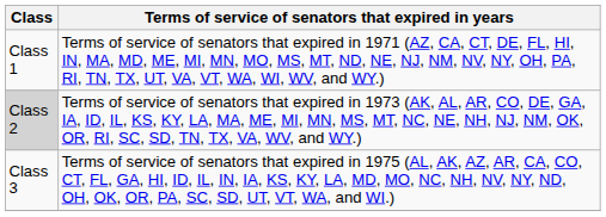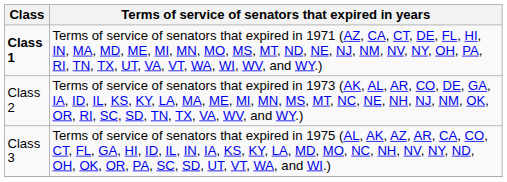 <table class="wikitable sortable">
 <tr valign=bottom>
 <th>Class</th>
 <th>Terms of service of senators that expired in years</th>
 </tr>
 <tr>
-<td>Class 1</td>
+<td><strong>Class 1</strong></td>
 <td>Terms of service of senators that expired in 1971 (<a href='#'>AZ</a>, <a href='#'>CA</a>, <a href='#'>CT</a>, <a href='#'>DE</a>, <a href='#'>FL</a>, <a href='#'>HI</a>, <a href='#'>IN</a>, <a href='#'>MA</a>, <a href='#'>MD</a>, <a href='#'>ME</a>,  <a href='#'>MI</a>, <a href='#'>MN</a>, <a href='#'>MO</a>, <a href='#'>MS</a>, <a href='#'>MT</a>, <a href='#'>ND</a>, <a href='#'>NE</a>, <a href='#'>NJ</a>, <a href='#'>NM</a>, <a href='#'>NV</a>, <a href='#'>NY</a>, <a href='#'>OH</a>, <a href='#'>PA</a>, <a href='#'>RI</a>, <a href='#'>TN</a>, <a href='#'>TX</a>, <a href='#'>UT</a>, <a href='#'>VA</a>, <a href='#'>VT</a>, <a href='#'>WA</a>, <a href='#'>WI</a>, <a href='#'>WV</a>, and <a href='#'>WY</a>.)</td>
 </tr>
 <tr>
-<td style="background: lightgrey;">Class 2</td>
+<td>Class 2</td>
 <td>Terms of service of senators that expired in 1973 (<a href='#'>AK</a>, <a href='#'>AL</a>, <a href='#'>AR</a>, <a href='#'>CO</a>, <a href='#'>DE</a>, <a href='#'>GA</a>, <a href='#'>IA</a>, <a href='#'>ID</a>, <a href='#'>IL</a>, <a href='#'>KS</a>, <a href='#'>KY</a>, <a href='#'>LA</a>, <a href='#'>MA</a>, <a href='#'>ME</a>, <a href='#'>MI</a>, <a href='#'>MN</a>, <a href='#'>MS</a>, <a href='#'>MT</a>, <a href='#'>NC</a>, <a href='#'>NE</a>, <a href='#'>NH</a>, <a href='#'>NJ</a>, <a href='#'>NM</a>, <a href='#'>OK</a>, <a href='#'>OR</a>, <a href='#'>RI</a>, <a href='#'>SC</a>, <a href='#'>SD</a>, <a href='#'>TN</a>, <a href='#'>TX</a>, <a href='#'>VA</a>, <a href='#'>WV</a>, and <a href='#'>WY</a>.)</td>
 </tr>
 <tr>
 <td>Class 3</td>
 <td>Terms of service of senators that expired in 1975 (<a href='#'>AL</a>, <a href='#'>AK</a>, <a href='#'>AZ</a>, <a href='#'>AR</a>, <a href='#'>CA</a>, <a href='#'>CO</a>, <a href='#'>CT</a>, <a href='#'>FL</a>, <a href='#'>GA</a>, <a href='#'>HI</a>, <a href='#'>ID</a>, <a href='#'>IL</a>, <a href='#'>IN</a>, <a href='#'>IA</a>, <a href='#'>KS</a>, <a href='#'>KY</a>, <a href='#'>LA</a>, <a href='#'>MD</a>, <a href='#'>MO</a>, <a href='#'>NC</a>, <a href='#'>NH</a>, <a href='#'>NV</a>, <a href='#'>NY</a>, <a href='#'>ND</a>, <a href='#'>OH</a>, <a href='#'>OK</a>, <a href='#'>OR</a>, <a href='#'>PA</a>, <a href='#'>SC</a>, <a href='#'>SD</a>, <a href='#'>UT</a>, <a href='#'>VT</a>, <a href='#'>WA</a>, and <a href='#'>WI</a>.)</td>
 </tr>
 <tr>
 </tr>
 </table>
